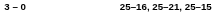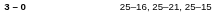 <table width=100% cellspacing=1>
 <tr>
 <th width=20%></th>
 <th width=12%></th>
 <th width=20%></th>
 <th width=33%></th>
 <td></td>
 </tr>
 <tr style=font-size:95%>
 <td align=right><strong></strong></td>
 <td align=center><strong>3 – 0</strong></td>
 <td></td>
-<td><strong>25–16, 25–21, 25–15</strong></td>
+<td>25–16, 25–21, 25–15</td>
 </tr>
 </table>
